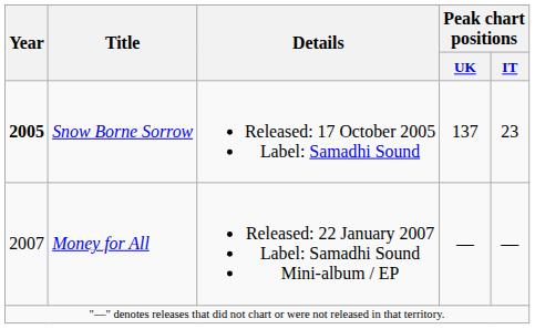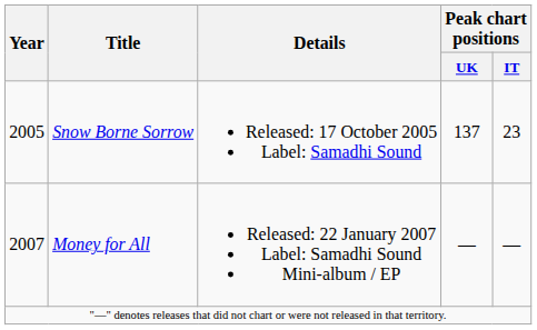 <table class="wikitable" style="text-align:center;">
 <tr>
 <th rowspan="2" scope="col">Year</th>
 <th rowspan="2" scope="col">Title</th>
 <th rowspan="2" scope="col">Details</th>
 <th colspan="2">Peak chart<br>positions</th>
 </tr>
 <tr>
 <th><small><a href='#'>UK</a></small><br></th>
 <th><small><a href='#'>IT</a></small><br></th>
 </tr>
 <tr>
-<td><strong>2005</strong></td>
+<td>2005</td>
 <td align="left"><em><a href='#'>Snow Borne Sorrow</a></em></td>
 <td><br><ul><li>Released: 17 October 2005</li><li>Label: <a href='#'>Samadhi Sound</a></li></ul></td>
 <td>137</td>
 <td>23</td>
 </tr>
 <tr>
 <td>2007</td>
 <td align="left"><em><a href='#'>Money for All</a></em></td>
 <td><br><ul><li>Released: 22 January 2007</li><li>Label: Samadhi Sound</li><li>Mini-album / EP</li></ul></td>
 <td>—</td>
 <td>—</td>
 </tr>
 <tr>
 <td colspan="5" style="font-size:8pt">"—" denotes releases that did not chart or were not released in that territory.</td>
 </tr>
 </table>
